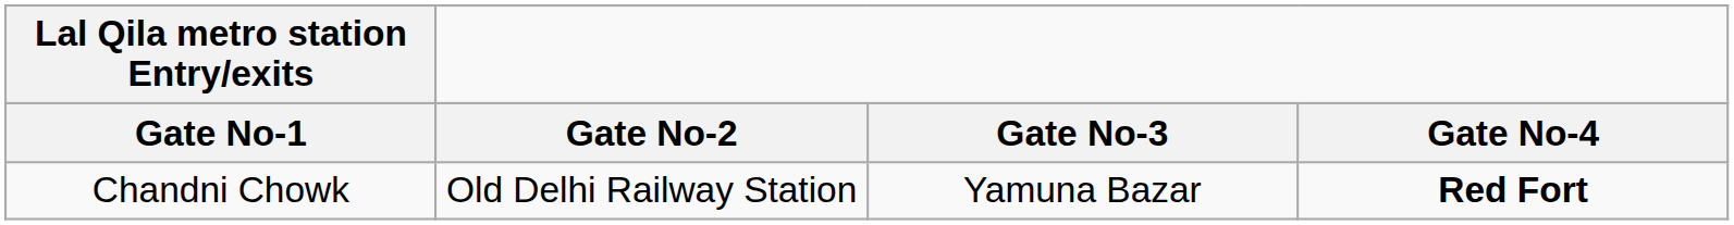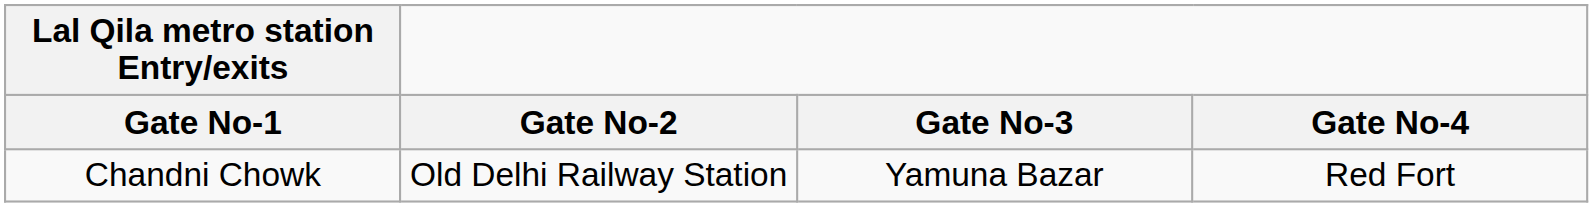 <table class="wikitable" style="text-align: center;" width="60%">
 <tr>
 <th align="center" style="background:#"><span>Lal Qila metro station Entry/exits</span></th>
 </tr>
 <tr>
 <th style="width:15%;">Gate No-1</th>
 <th style="width:15%;">Gate No-2 </th>
 <th style="width:15%;">Gate No-3 </th>
 <th style="width:15%;">Gate No-4</th>
 </tr>
 <tr>
 <td>Chandni Chowk</td>
 <td>Old Delhi Railway Station</td>
 <td>Yamuna Bazar</td>
-<td><strong>Red Fort</strong></td>
+<td>Red Fort</td>
 </tr>
 </table>
